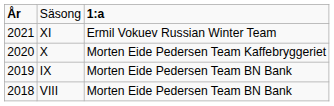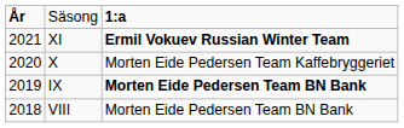 <table class="wikitable sortable">
 <tr>
 <td><strong>År</strong></td>
 <td>Säsong</td>
 <td><strong>1:a</strong></td>
 </tr>
 <tr>
 <td>2021</td>
 <td>XI</td>
-<td>Ermil Vokuev Russian Winter Team</td>
+<td><strong>Ermil Vokuev Russian Winter Team</strong></td>
 </tr>
 <tr>
 <td>2020</td>
 <td>X</td>
 <td>Morten Eide Pedersen Team Kaffebryggeriet</td>
 </tr>
 <tr>
 <td>2019</td>
 <td>IX</td>
-<td>Morten Eide Pedersen Team BN Bank</td>
+<td><strong>Morten Eide Pedersen Team BN Bank</strong></td>
 </tr>
 <tr>
 <td>2018</td>
 <td>VIII</td>
 <td>Morten Eide Pedersen Team BN Bank</td>
 </tr>
 </table>
